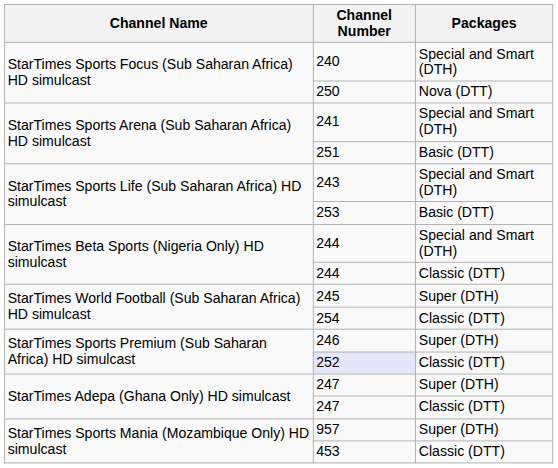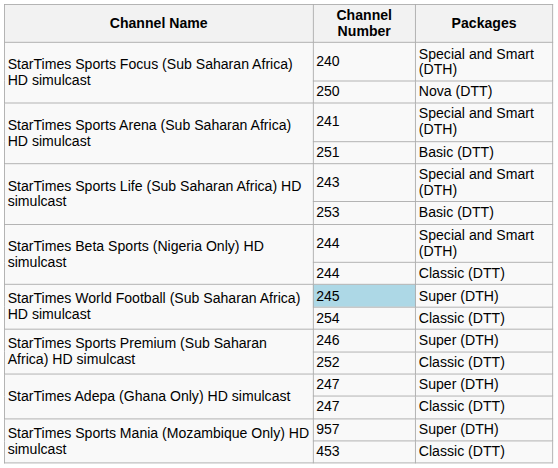 <table class="wikitable" width="100%">
 <tr>
 <th>Channel Name</th>
 <th>Channel Number</th>
 <th>Packages</th>
 </tr>
 <tr>
 <td rowspan=2>StarTimes Sports Focus (Sub Saharan Africa) HD simulcast</td>
 <td>240</td>
 <td>Special and Smart (DTH)</td>
 </tr>
 <tr>
 <td>250</td>
 <td>Nova (DTT)</td>
 </tr>
 <tr>
 <td rowspan=2>StarTimes Sports Arena (Sub Saharan Africa) HD simulcast</td>
 <td>241</td>
 <td>Special and Smart (DTH)</td>
 </tr>
 <tr>
 <td>251</td>
 <td>Basic (DTT)</td>
 </tr>
 <tr>
 <td rowspan=2>StarTimes Sports Life (Sub Saharan Africa) HD simulcast</td>
 <td>243</td>
 <td>Special and Smart (DTH)</td>
 </tr>
 <tr>
 <td>253</td>
 <td>Basic (DTT)</td>
 </tr>
 <tr>
 <td rowspan=2>StarTimes Beta Sports (Nigeria Only) HD simulcast</td>
 <td>244</td>
 <td>Special and Smart (DTH)</td>
 </tr>
 <tr>
 <td>244</td>
 <td>Classic (DTT)</td>
 </tr>
 <tr>
 <td rowspan=2>StarTimes World Football (Sub Saharan Africa) HD simulcast</td>
-<td>245</td>
+<td style="background: lightblue;">245</td>
 <td>Super (DTH)</td>
 </tr>
 <tr>
 <td>254</td>
 <td>Classic (DTT)</td>
 </tr>
 <tr>
 <td rowspan=2>StarTimes Sports Premium (Sub Saharan Africa) HD simulcast</td>
 <td>246</td>
 <td>Super (DTH)</td>
 </tr>
 <tr>
-<td style="background: lavender;">252</td>
+<td>252</td>
 <td>Classic (DTT)</td>
 </tr>
 <tr>
 <td rowspan=2>StarTimes Adepa (Ghana Only) HD simulcast</td>
 <td>247</td>
 <td>Super (DTH)</td>
 </tr>
 <tr>
 <td>247</td>
 <td>Classic (DTT)</td>
 </tr>
 <tr>
 <td rowspan=2>StarTimes Sports Mania (Mozambique Only) HD simulcast</td>
 <td>957</td>
 <td>Super (DTH)</td>
 </tr>
 <tr>
 <td>453</td>
 <td>Classic (DTT)</td>
 </tr>
 </table>
